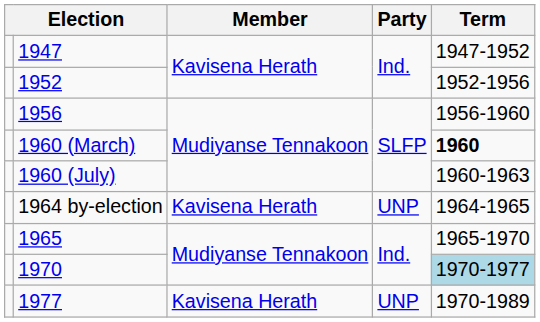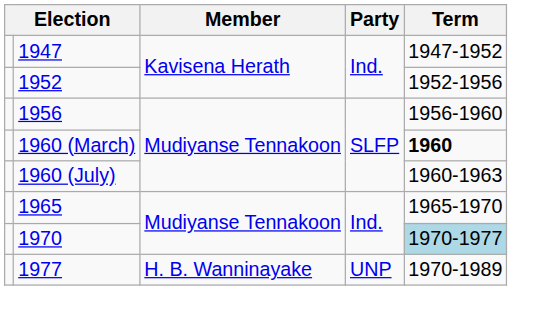 <table class="wikitable">
 <tr>
 <th colspan="2">Election</th>
 <th>Member</th>
 <th>Party</th>
 <th>Term</th>
 </tr>
 <tr>
 <td style="background-color: "></td>
 <td><a href='#'>1947</a></td>
 <td rowspan=2><a href='#'>Kavisena Herath</a></td>
 <td rowspan=2><a href='#'>Ind.</a></td>
 <td>1947-1952</td>
 </tr>
 <tr>
 <td style="background-color: "></td>
 <td><a href='#'>1952</a></td>
 <td>1952-1956</td>
 </tr>
 <tr>
 <td style="background-color: "></td>
 <td><a href='#'>1956</a></td>
 <td rowspan=3><a href='#'>Mudiyanse Tennakoon</a></td>
 <td rowspan=3><a href='#'>SLFP</a></td>
 <td>1956-1960</td>
 </tr>
 <tr>
 <td style="background-color: "></td>
 <td><a href='#'>1960 (March)</a></td>
 <td><strong>1960</strong></td>
 </tr>
 <tr>
 <td style="background-color: "></td>
 <td><a href='#'>1960 (July)</a></td>
 <td>1960-1963</td>
 </tr>
 <tr>
 <td style="background-color: "></td>
-<td>1964 by-election</td>
-<td><a href='#'>Kavisena Herath</a></td>
-<td><a href='#'>UNP</a></td>
-<td>1964-1965</td>
-</tr>
-<tr>
-<td style="background-color: "></td>
 <td><a href='#'>1965</a></td>
 <td rowspan=2><a href='#'>Mudiyanse Tennakoon</a></td>
 <td rowspan=2><a href='#'>Ind.</a></td>
 <td>1965-1970</td>
 </tr>
 <tr>
 <td style="background-color: "></td>
 <td><a href='#'>1970</a></td>
 <td style="background: lightblue;">1970-1977</td>
 </tr>
 <tr>
 <td style="background-color: "></td>
 <td><a href='#'>1977</a></td>
-<td><a href='#'>Kavisena Herath</a></td>
+<td><a href='#'>H. B. Wanninayake</a></td>
 <td><a href='#'>UNP</a></td>
 <td>1970-1989</td>
 </tr>
 </table>
